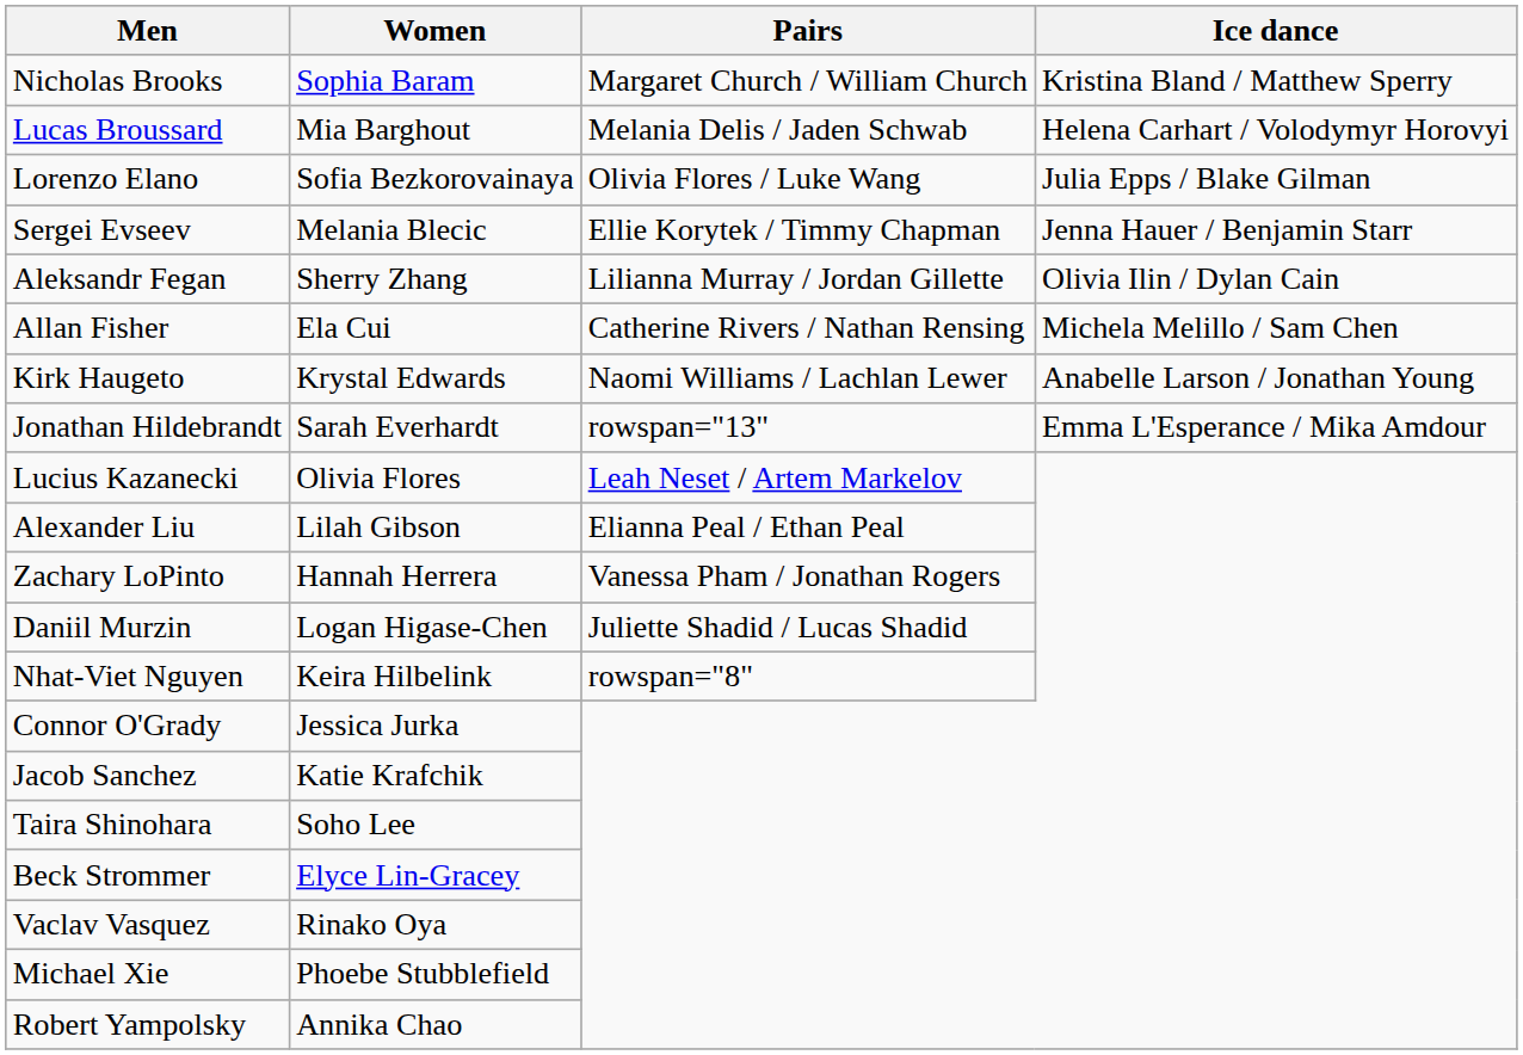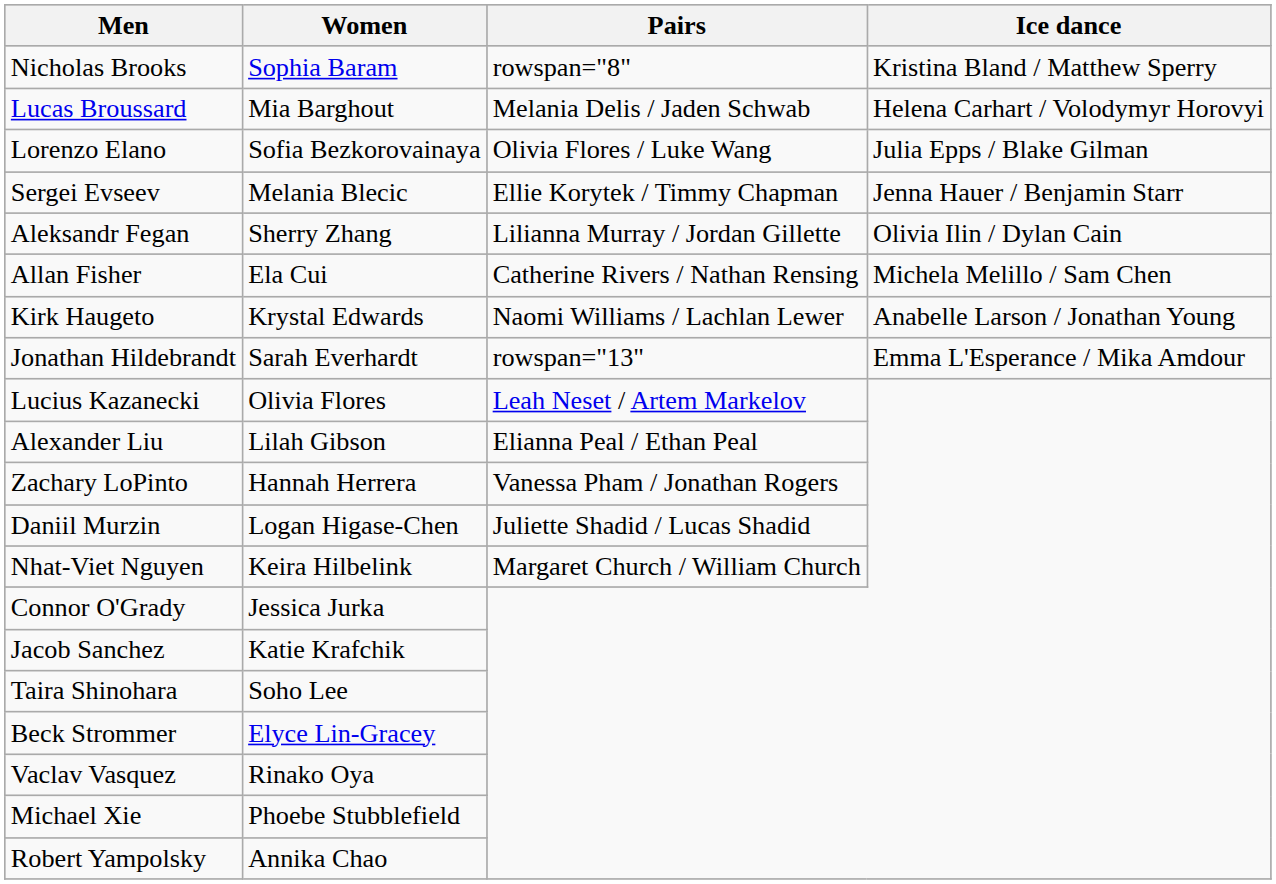 <table class="wikitable unsortable">
 <tr>
 <th scope="col">Men</th>
 <th scope="col">Women</th>
 <th scope="col">Pairs</th>
 <th scope="col">Ice dance</th>
 </tr>
 <tr>
 <td>Nicholas Brooks</td>
 <td><a href='#'>Sophia Baram</a></td>
-<td>Margaret Church / William Church</td>
+<td>rowspan="8" </td>
 <td>Kristina Bland / Matthew Sperry</td>
 </tr>
 <tr>
 <td><a href='#'>Lucas Broussard</a></td>
 <td>Mia Barghout</td>
 <td>Melania Delis / Jaden Schwab</td>
 <td>Helena Carhart / Volodymyr Horovyi</td>
 </tr>
 <tr>
 <td>Lorenzo Elano</td>
 <td>Sofia Bezkorovainaya</td>
 <td>Olivia Flores / Luke Wang</td>
 <td>Julia Epps / Blake Gilman</td>
 </tr>
 <tr>
 <td>Sergei Evseev</td>
 <td>Melania Blecic</td>
 <td>Ellie Korytek / Timmy Chapman</td>
 <td>Jenna Hauer / Benjamin Starr</td>
 </tr>
 <tr>
 <td>Aleksandr Fegan</td>
 <td>Sherry Zhang</td>
 <td>Lilianna Murray / Jordan Gillette</td>
 <td>Olivia Ilin / Dylan Cain</td>
 </tr>
 <tr>
 <td>Allan Fisher</td>
 <td>Ela Cui</td>
 <td>Catherine Rivers / Nathan Rensing</td>
 <td>Michela Melillo / Sam Chen</td>
 </tr>
 <tr>
 <td>Kirk Haugeto</td>
 <td>Krystal Edwards</td>
 <td>Naomi Williams / Lachlan Lewer</td>
 <td>Anabelle Larson / Jonathan Young</td>
 </tr>
 <tr>
 <td>Jonathan Hildebrandt</td>
 <td>Sarah Everhardt</td>
 <td>rowspan="13" </td>
 <td>Emma L'Esperance / Mika Amdour</td>
 </tr>
 <tr>
 <td>Lucius Kazanecki</td>
 <td>Olivia Flores</td>
 <td><a href='#'>Leah Neset</a> / <a href='#'>Artem Markelov</a></td>
 </tr>
 <tr>
 <td>Alexander Liu</td>
 <td>Lilah Gibson</td>
 <td>Elianna Peal / Ethan Peal</td>
 </tr>
 <tr>
 <td>Zachary LoPinto</td>
 <td>Hannah Herrera</td>
 <td>Vanessa Pham / Jonathan Rogers</td>
 </tr>
 <tr>
 <td>Daniil Murzin</td>
 <td>Logan Higase-Chen</td>
 <td>Juliette Shadid / Lucas Shadid</td>
 </tr>
 <tr>
 <td>Nhat-Viet Nguyen</td>
 <td>Keira Hilbelink</td>
-<td>rowspan="8" </td>
+<td>Margaret Church / William Church</td>
 </tr>
 <tr>
 <td>Connor O'Grady</td>
 <td>Jessica Jurka</td>
 </tr>
 <tr>
 <td>Jacob Sanchez</td>
 <td>Katie Krafchik</td>
 </tr>
 <tr>
 <td>Taira Shinohara</td>
 <td>Soho Lee</td>
 </tr>
 <tr>
 <td>Beck Strommer</td>
 <td><a href='#'>Elyce Lin-Gracey</a></td>
 </tr>
 <tr>
 <td>Vaclav Vasquez</td>
 <td>Rinako Oya</td>
 </tr>
 <tr>
 <td>Michael Xie</td>
 <td>Phoebe Stubblefield</td>
 </tr>
 <tr>
 <td>Robert Yampolsky</td>
 <td>Annika Chao</td>
 </tr>
 </table>
